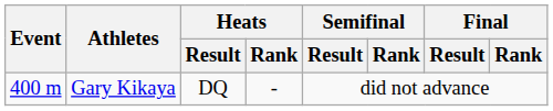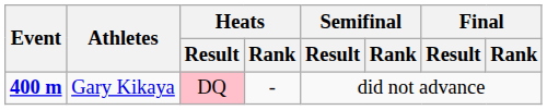 <table class="wikitable" border="1" style="font-size:90%">
 <tr>
 <th rowspan="2">Event</th>
 <th rowspan="2">Athletes</th>
 <th colspan="2">Heats</th>
 <th colspan="2">Semifinal</th>
 <th colspan="2">Final</th>
 </tr>
 <tr>
 <th>Result</th>
 <th>Rank</th>
 <th>Result</th>
 <th>Rank</th>
 <th>Result</th>
 <th>Rank</th>
 </tr>
 <tr>
-<td><a href='#'>400 m</a></td>
+<td><strong><a href='#'>400 m</a></strong></td>
 <td><a href='#'>Gary Kikaya</a></td>
-<td align=center>DQ</td>
+<td align=center style="background: pink;">DQ</td>
 <td align=center>-</td>
 <td align=center colspan=4>did not advance</td>
 </tr>
 </table>
